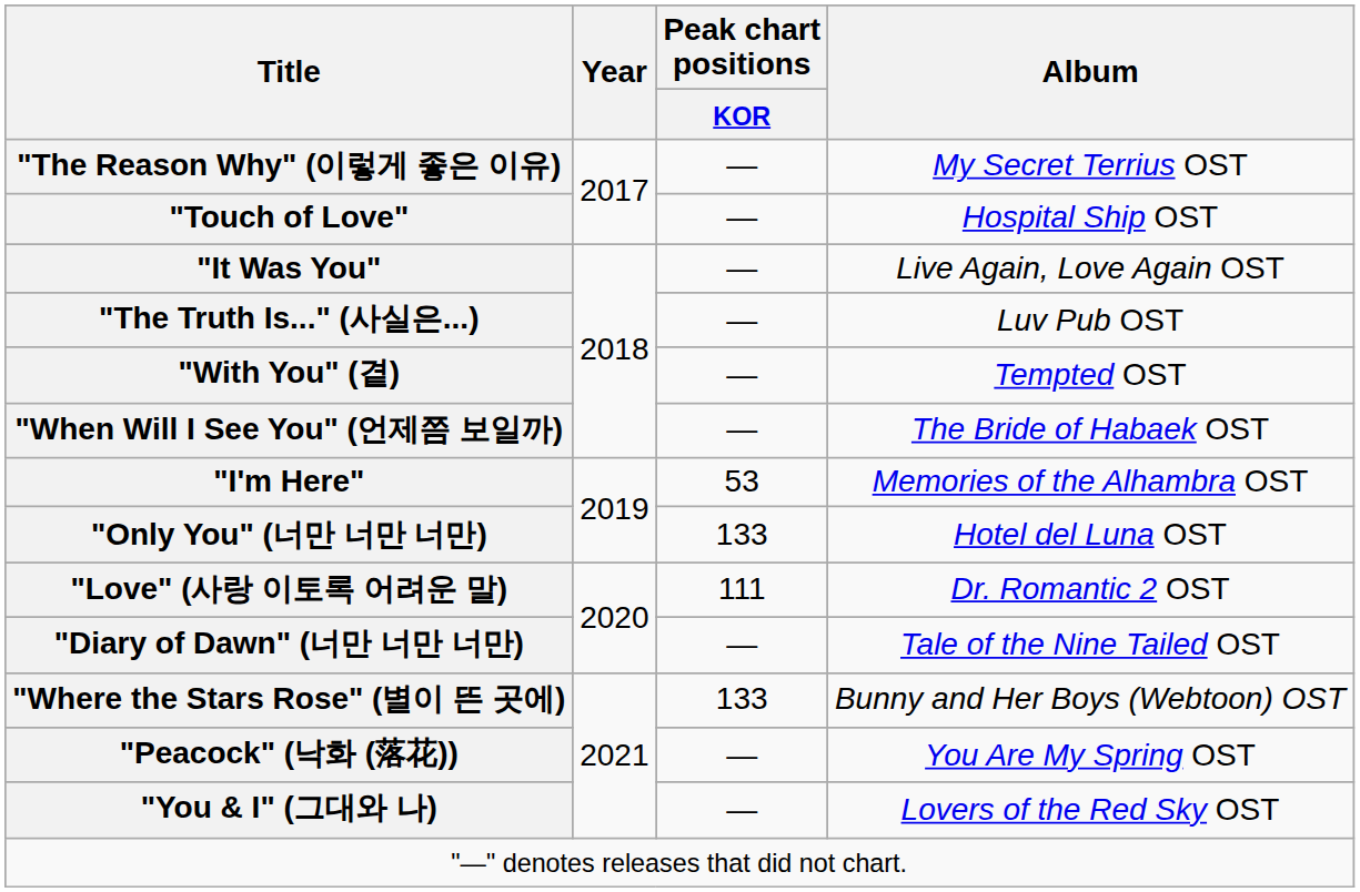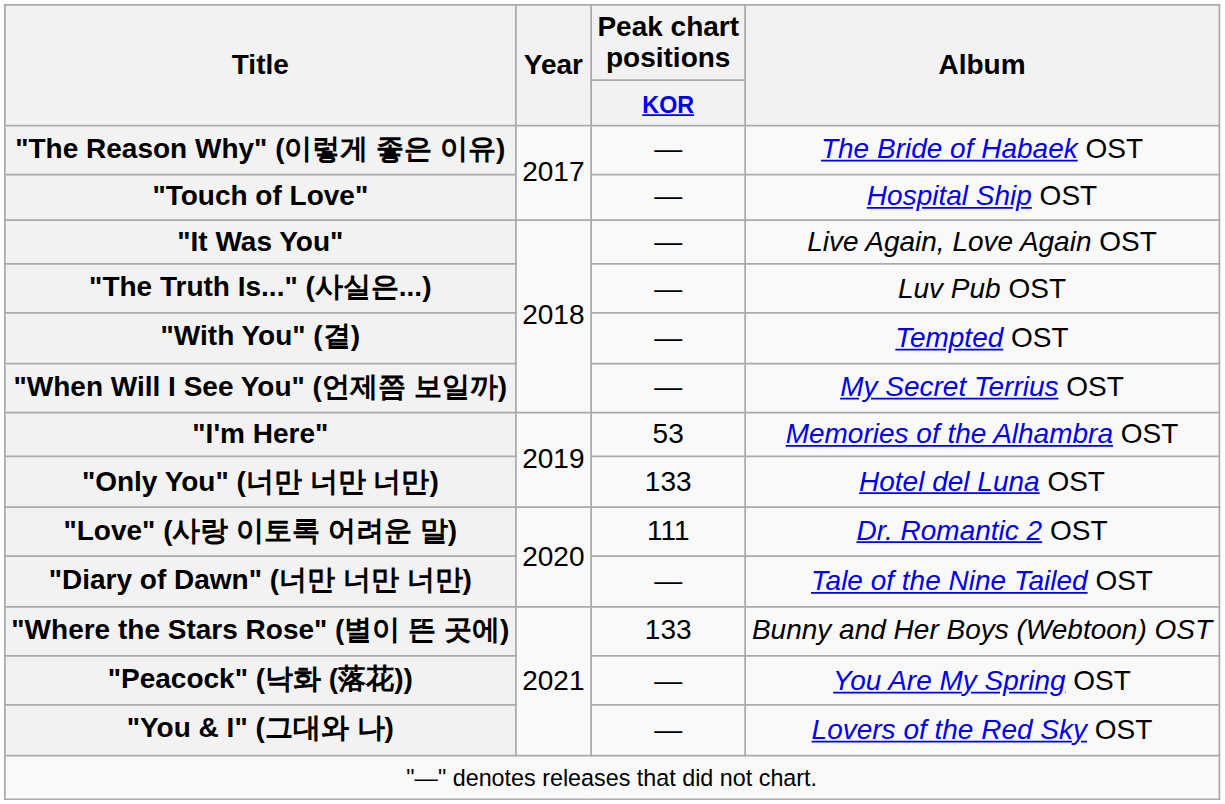 <table class="wikitable plainrowheaders" style="text-align:center;">
 <tr>
 <th scope="col" rowspan="2">Title</th>
 <th scope="col" rowspan="2">Year</th>
 <th scope="col" colspan="1">Peak chart <br> positions</th>
 <th scope="col" rowspan="2">Album</th>
 </tr>
 <tr>
 <th><small><a href='#'>KOR</a></small><br></th>
 </tr>
 <tr>
 <th scope="row">"The Reason Why" (이렇게 좋은 이유)</th>
 <td rowspan="2">2017</td>
 <td>—</td>
-<td><em><a href='#'>My Secret Terrius</a></em> OST</td>
+<td><em><a href='#'>The Bride of Habaek</a></em> OST</td>
 </tr>
 <tr>
 <th scope="row">"Touch of Love"</th>
 <td>—</td>
 <td><em><a href='#'>Hospital Ship</a></em> OST</td>
 </tr>
 <tr>
 <th scope="row">"It Was You"<br></th>
 <td rowspan="4">2018</td>
 <td>—</td>
 <td><em>Live Again, Love Again</em> OST</td>
 </tr>
 <tr>
 <th scope="row">"The Truth Is..." (사실은...)<br></th>
 <td>—</td>
 <td><em>Luv Pub</em> OST</td>
 </tr>
 <tr>
 <th scope="row">"With You" (곁)</th>
 <td>—</td>
 <td><em><a href='#'>Tempted</a></em> OST</td>
 </tr>
 <tr>
 <th scope="row">"When Will I See You" (언제쯤 보일까)</th>
 <td>—</td>
-<td><em><a href='#'>The Bride of Habaek</a></em> OST</td>
+<td><em><a href='#'>My Secret Terrius</a></em> OST</td>
 </tr>
 <tr>
 <th scope="row">"I'm Here"</th>
 <td rowspan="2">2019</td>
 <td>53</td>
 <td><em><a href='#'>Memories of the Alhambra</a></em> OST</td>
 </tr>
 <tr>
 <th scope="row">"Only You" (너만 너만 너만)</th>
 <td>133</td>
 <td><em><a href='#'>Hotel del Luna</a></em> OST</td>
 </tr>
 <tr>
 <th scope="row">"Love" (사랑 이토록 어려운 말)</th>
 <td rowspan="2">2020</td>
 <td>111</td>
 <td><em><a href='#'>Dr. Romantic 2</a></em> OST</td>
 </tr>
 <tr>
 <th scope="row">"Diary of Dawn" (너만 너만 너만)</th>
 <td>—</td>
 <td><em><a href='#'>Tale of the Nine Tailed</a></em> OST</td>
 </tr>
 <tr>
 <th scope="row">"Where the Stars Rose" (별이 뜬 곳에)</th>
 <td rowspan="3">2021</td>
 <td>133</td>
 <td><em>Bunny and Her Boys (Webtoon) OST</em></td>
 </tr>
 <tr>
 <th scope="row">"Peacock" (낙화 (落花))</th>
 <td>—</td>
 <td><em><a href='#'>You Are My Spring</a></em> OST</td>
 </tr>
 <tr>
 <th scope="row">"You & I" (그대와 나)</th>
 <td>— </td>
 <td><em><a href='#'>Lovers of the Red Sky</a></em> OST</td>
 </tr>
 <tr>
 <td colspan="5"><small>"—" denotes releases that did not chart.</small></td>
 </tr>
 </table>
